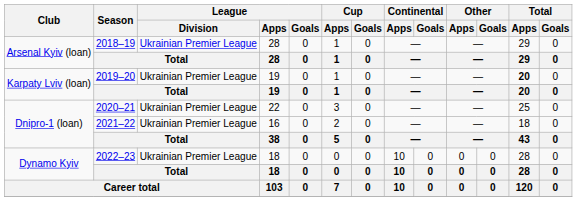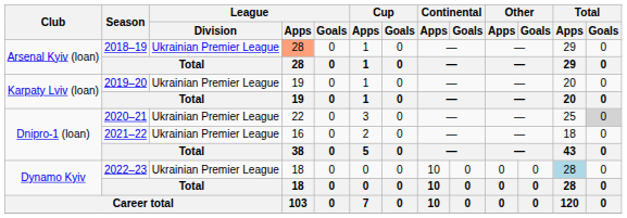 <table class="wikitable" style="text-align:center">
 <tr>
 <th rowspan="2">Club</th>
 <th rowspan="2">Season</th>
 <th colspan="3">League</th>
 <th colspan="2">Cup</th>
 <th colspan="2">Continental</th>
 <th colspan="2">Other</th>
 <th colspan="2">Total</th>
 </tr>
 <tr>
 <th>Division</th>
 <th>Apps</th>
 <th>Goals</th>
 <th>Apps</th>
 <th>Goals</th>
 <th>Apps</th>
 <th>Goals</th>
 <th>Apps</th>
 <th>Goals</th>
 <th>Apps</th>
 <th>Goals</th>
 </tr>
 <tr>
 <td rowspan="2"><a href='#'>Arsenal Kyiv</a> (loan)</td>
 <td><a href='#'>2018–19</a></td>
 <td><a href='#'>Ukrainian Premier League</a></td>
-<td>28</td>
+<td style="background: lightsalmon;">28</td>
 <td>0</td>
 <td>1</td>
 <td>0</td>
 <td colspan="2">—</td>
 <td colspan="2">—</td>
 <td>29</td>
 <td>0</td>
 </tr>
 <tr>
 <th colspan="2">Total</th>
 <th>28</th>
 <th>0</th>
 <th>1</th>
 <th>0</th>
 <th colspan="2">—</th>
 <th colspan="2">—</th>
 <th>29</th>
 <th>0</th>
 </tr>
 <tr>
 <td rowspan="2"><a href='#'>Karpaty Lviv</a> (loan)</td>
 <td><a href='#'>2019–20</a></td>
 <td>Ukrainian Premier League</td>
 <td>19</td>
 <td>0</td>
 <td>1</td>
 <td>0</td>
 <td colspan="2">—</td>
 <td colspan="2">—</td>
-<td><strong>20</strong></td>
+<td>20</td>
 <td>0</td>
 </tr>
 <tr>
 <th colspan="2">Total</th>
 <th>19</th>
 <th>0</th>
 <th>1</th>
 <th>0</th>
 <th colspan="2">—</th>
 <th colspan="2">—</th>
 <th>20</th>
 <th>0</th>
 </tr>
 <tr>
 <td rowspan="3"><a href='#'>Dnipro-1</a> (loan)</td>
 <td><a href='#'>2020–21</a></td>
 <td>Ukrainian Premier League</td>
 <td>22</td>
 <td>0</td>
 <td>3</td>
 <td>0</td>
 <td colspan="2">—</td>
 <td colspan="2">—</td>
 <td>25</td>
-<td>0</td>
+<td style="background: lightgrey;">0</td>
 </tr>
 <tr>
 <td><a href='#'>2021–22</a></td>
 <td>Ukrainian Premier League</td>
 <td>16</td>
 <td>0</td>
 <td>2</td>
 <td>0</td>
 <td colspan="2">—</td>
 <td colspan="2">—</td>
 <td>18</td>
 <td>0</td>
 </tr>
 <tr>
 <th colspan="2">Total</th>
 <th>38</th>
 <th>0</th>
 <th>5</th>
 <th>0</th>
 <th colspan="2">—</th>
 <th colspan="2">—</th>
 <th>43</th>
 <th>0</th>
 </tr>
 <tr>
 <td rowspan="2"><a href='#'>Dynamo Kyiv</a></td>
 <td><a href='#'>2022–23</a></td>
 <td>Ukrainian Premier League</td>
 <td>18</td>
 <td>0</td>
 <td>0</td>
 <td>0</td>
 <td>10</td>
 <td>0</td>
 <td>0</td>
 <td>0</td>
-<td>28</td>
+<td style="background: lightblue;">28</td>
 <td>0</td>
 </tr>
 <tr>
 <th colspan="2">Total</th>
 <th>18</th>
 <th>0</th>
 <th>0</th>
 <th>0</th>
 <th>10</th>
 <th>0</th>
 <th>0</th>
 <th>0</th>
 <th>28</th>
 <th>0</th>
 </tr>
 <tr>
 <th colspan="3">Career total</th>
 <th>103</th>
 <th>0</th>
 <th>7</th>
 <th>0</th>
 <th>10</th>
 <th>0</th>
 <th>0</th>
 <th>0</th>
 <th>120</th>
 <th>0</th>
 </tr>
 <tr>
 </tr>
 </table>
